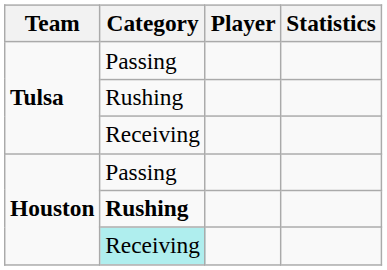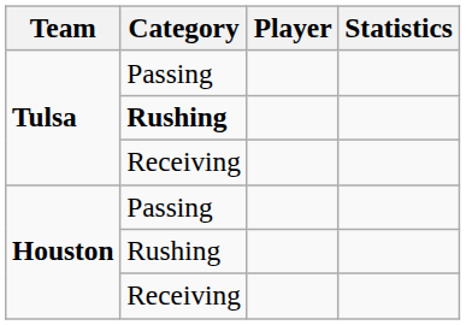 <table class="wikitable" style="float: left;">
 <tr>
 <th>Team</th>
 <th>Category</th>
 <th>Player</th>
 <th>Statistics</th>
 </tr>
 <tr>
 <td rowspan=3><strong>Tulsa</strong></td>
 <td>Passing</td>
 <td></td>
 <td></td>
 </tr>
 <tr>
-<td>Rushing</td>
+<td><strong>Rushing</strong></td>
 <td></td>
 <td></td>
 </tr>
 <tr>
 <td>Receiving</td>
 <td></td>
 <td></td>
 </tr>
 <tr>
 <td rowspan=3><strong>Houston</strong></td>
 <td>Passing</td>
 <td></td>
 <td></td>
 </tr>
 <tr>
-<td><strong>Rushing</strong></td>
+<td>Rushing</td>
 <td></td>
 <td></td>
 </tr>
 <tr>
-<td style="background: paleturquoise;">Receiving</td>
+<td>Receiving</td>
 <td></td>
 <td></td>
 </tr>
 </table>
